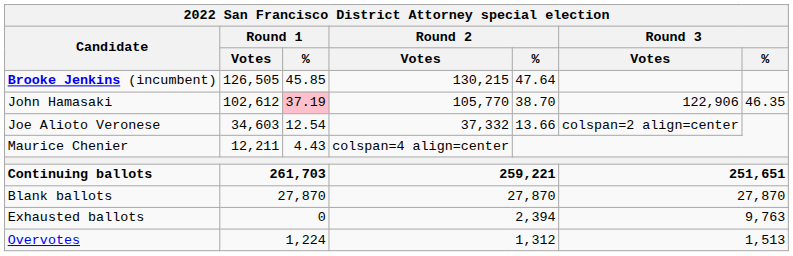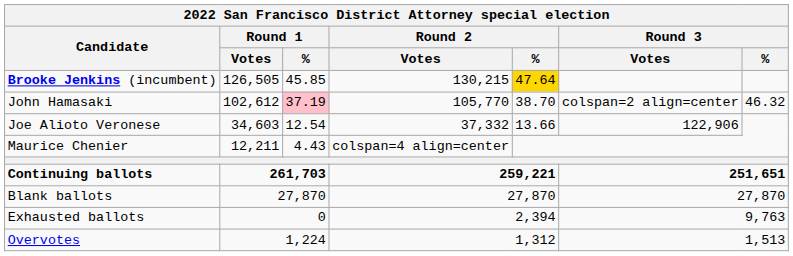 <table class="wikitable sortable" style="text-align:right;">
 <tr>
 <th colspan=7>2022 San Francisco District Attorney special election</th>
 </tr>
 <tr>
 <th rowspan=2>Candidate</th>
 <th colspan=2>Round 1</th>
 <th colspan=2>Round 2</th>
 <th colspan=2>Round 3</th>
 </tr>
 <tr>
 <th>Votes</th>
 <th>%</th>
 <th>Votes</th>
 <th>%</th>
 <th>Votes</th>
 <th>%</th>
 </tr>
 <tr>
 <td align=left><strong><a href='#'>Brooke Jenkins</a></strong> (incumbent)</td>
 <td>126,505</td>
 <td>45.85</td>
 <td>130,215</td>
-<td>47.64</td>
+<td style="background: gold;">47.64</td>
 <td></td>
 <td></td>
 </tr>
 <tr>
 <td align=left>John Hamasaki</td>
 <td>102,612</td>
 <td style="background: pink;">37.19</td>
 <td>105,770</td>
 <td>38.70</td>
-<td>122,906</td>
-<td>46.35</td>
+<td>colspan=2 align=center </td>
+<td>46.32</td>
 </tr>
 <tr>
 <td align=left>Joe Alioto Veronese</td>
 <td>34,603</td>
 <td>12.54</td>
 <td>37,332</td>
 <td>13.66</td>
-<td>colspan=2 align=center </td>
+<td>122,906</td>
 </tr>
 <tr>
 <td align=left>Maurice Chenier</td>
 <td>12,211</td>
 <td>4.43</td>
 <td>colspan=4 align=center </td>
 </tr>
 <tr>
 <th colspan=7></th>
 </tr>
 <tr style="font-weight:bold">
 <td align=left>Continuing ballots</td>
 <td colspan=2>261,703</td>
 <td colspan=2>259,221</td>
 <td colspan=2>251,651</td>
 </tr>
 <tr>
 <td align=left>Blank ballots</td>
 <td colspan=2>27,870</td>
 <td colspan=2>27,870</td>
 <td colspan=2>27,870</td>
 </tr>
 <tr>
 <td align=left>Exhausted ballots</td>
 <td colspan=2>0</td>
 <td colspan=2>2,394</td>
 <td colspan=2>9,763</td>
 </tr>
 <tr>
 <td align=left><a href='#'>Overvotes</a></td>
 <td colspan=2>1,224</td>
 <td colspan=2>1,312</td>
 <td colspan=2>1,513</td>
 </tr>
 </table>
